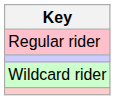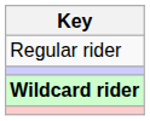 <table class="wikitable" style="font-size: 85%;">
 <tr>
 <th colspan="3">Key</th>
 </tr>
 <tr>
-<td style="background: pink;">Regular rider</td>
+<td>Regular rider</td>
 </tr>
 <tr style="background:#ccccff;">
 <td></td>
 </tr>
 <tr style="background:#ccffcc;">
-<td>Wildcard rider</td>
+<td><strong>Wildcard rider</strong></td>
 </tr>
 <tr style="background:#ffcccc;">
 <td></td>
 </tr>
 </table>
